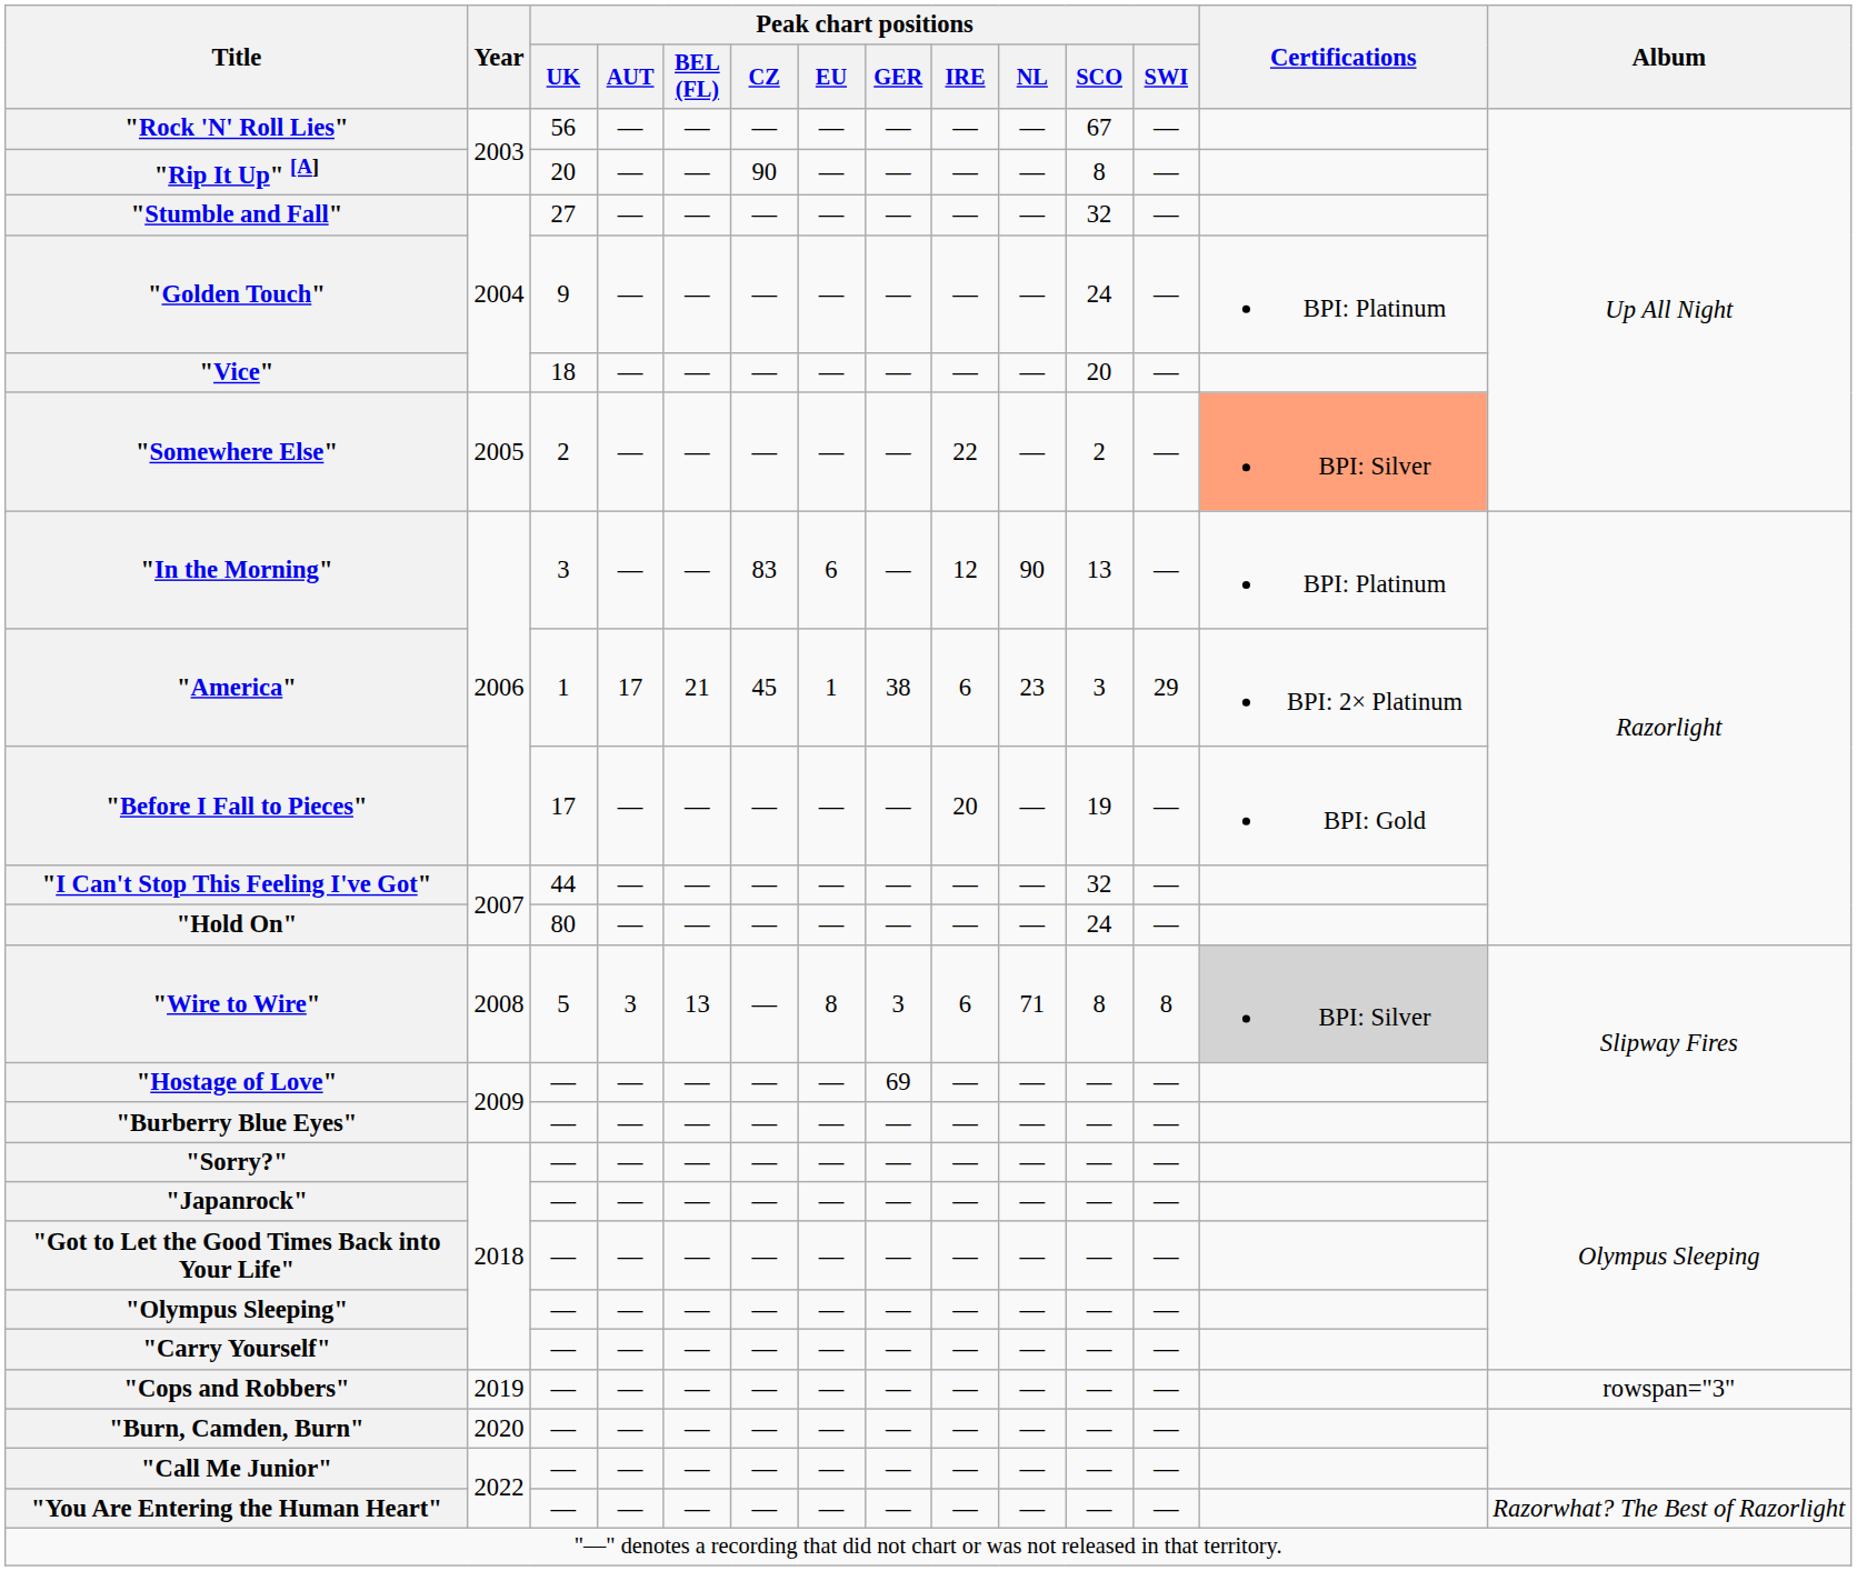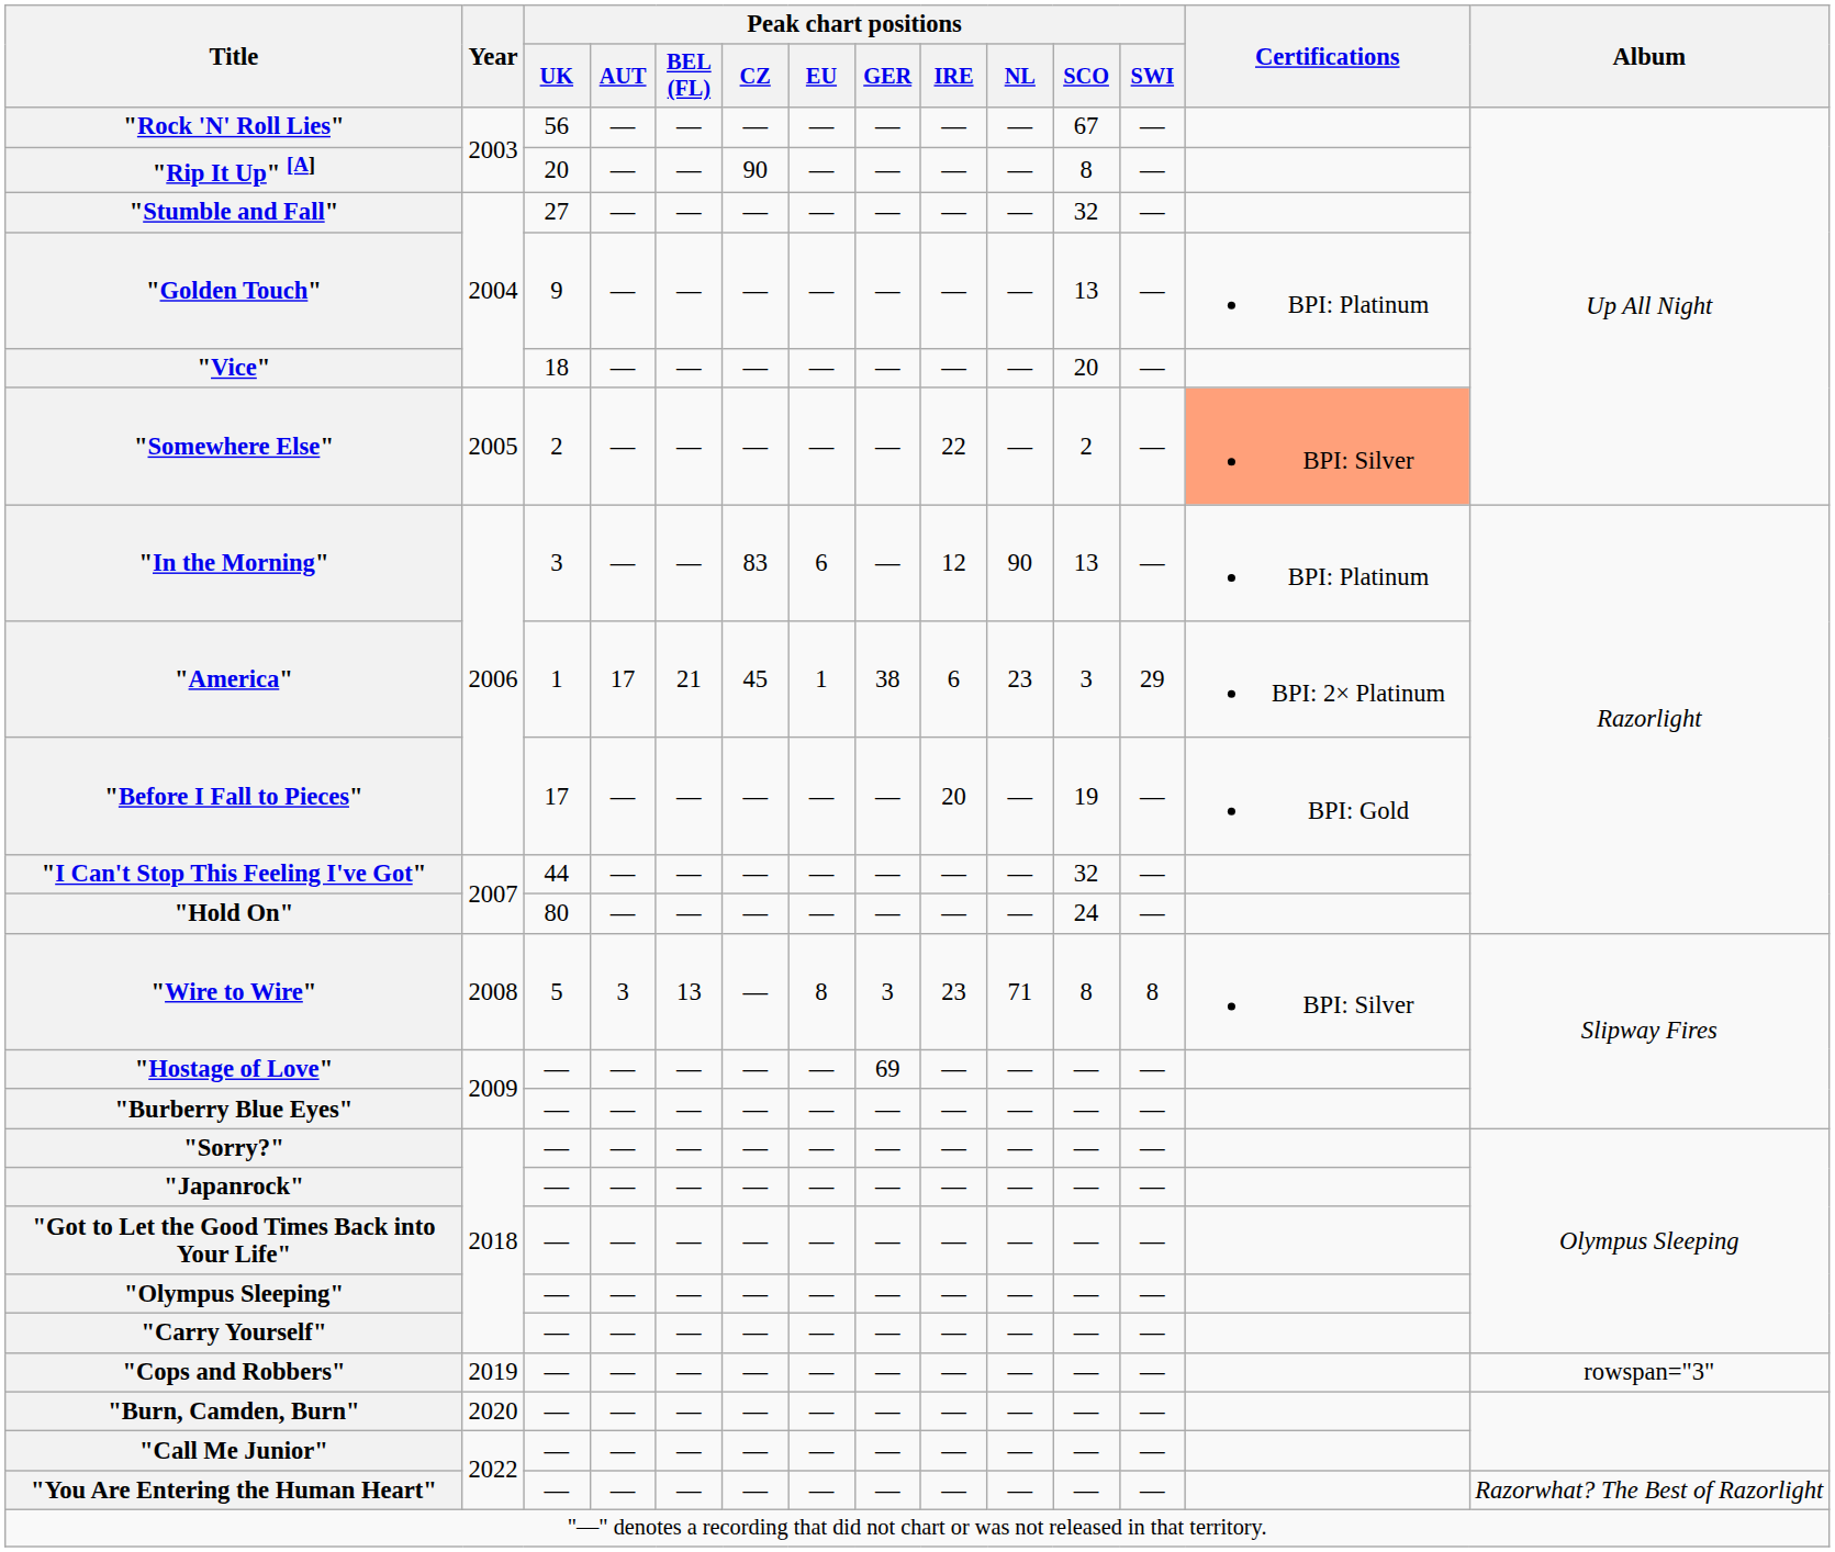 <table class="wikitable plainrowheaders" style="text-align:center;">
 <tr>
 <th scope="col" rowspan="2" style="width:18em;">Title</th>
 <th scope="col" rowspan="2">Year</th>
 <th scope="col" colspan="10">Peak chart positions</th>
 <th scope="col" rowspan="2" style="width:11em;"><a href='#'>Certifications</a></th>
 <th scope="col" rowspan="2">Album</th>
 </tr>
 <tr>
 <th scope="col" style="width:2.5em;font-size:90%;"><a href='#'>UK</a><br></th>
 <th scope="col" style="width:2.5em;font-size:90%;"><a href='#'>AUT</a><br></th>
 <th scope="col" style="width:2.5em;font-size:90%;"><a href='#'>BEL<br>(FL)</a><br></th>
 <th scope="col" style="width:2.5em;font-size:90%;"><a href='#'>CZ</a><br></th>
 <th scope="col" style="width:2.5em;font-size:90%;"><a href='#'>EU</a><br></th>
 <th scope="col" style="width:2.5em;font-size:90%;"><a href='#'>GER</a><br></th>
 <th scope="col" style="width:2.5em;font-size:90%;"><a href='#'>IRE</a><br></th>
 <th scope="col" style="width:2.5em;font-size:90%;"><a href='#'>NL</a><br></th>
 <th scope="col" style="width:2.5em;font-size:90%;"><a href='#'>SCO</a></th>
 <th scope="col" style="width:2.5em;font-size:90%;"><a href='#'>SWI</a><br></th>
 </tr>
 <tr>
 <th scope="row">"<a href='#'>Rock 'N' Roll Lies</a>"</th>
 <td rowspan="2">2003</td>
 <td align="center">56</td>
 <td align="center">—</td>
 <td align="center">—</td>
 <td align="center">—</td>
 <td align="center">—</td>
 <td align="center">—</td>
 <td align="center">—</td>
 <td align="center">—</td>
 <td align="center">67</td>
 <td align="center">—</td>
 <td></td>
 <td rowspan="6"><em>Up All Night</em></td>
 </tr>
 <tr>
 <th scope="row">"<a href='#'>Rip It Up</a>" <sup><span></span><a href='#'>[A</a>]</sup></th>
 <td align="center">20</td>
 <td align="center">—</td>
 <td align="center">—</td>
 <td align="center">90</td>
 <td align="center">—</td>
 <td align="center">—</td>
 <td align="center">—</td>
 <td align="center">—</td>
 <td align="center">8</td>
 <td align="center">—</td>
 <td></td>
 </tr>
 <tr>
 <th scope="row">"<a href='#'>Stumble and Fall</a>"</th>
 <td rowspan="3">2004</td>
 <td align="center">27</td>
 <td align="center">—</td>
 <td align="center">—</td>
 <td align="center">—</td>
 <td align="center">—</td>
 <td align="center">—</td>
 <td align="center">—</td>
 <td align="center">—</td>
 <td align="center">32</td>
 <td align="center">—</td>
 <td></td>
 </tr>
 <tr>
 <th scope="row">"<a href='#'>Golden Touch</a>"</th>
 <td align="center">9</td>
 <td align="center">—</td>
 <td align="center">—</td>
 <td align="center">—</td>
 <td align="center">—</td>
 <td align="center">—</td>
 <td align="center">—</td>
 <td align="center">—</td>
-<td align="center">24</td>
+<td align="center">13</td>
 <td align="center">—</td>
 <td><br><ul><li>BPI: Platinum</li></ul></td>
 </tr>
 <tr>
 <th scope="row">"<a href='#'>Vice</a>"</th>
 <td align="center">18</td>
 <td align="center">—</td>
 <td align="center">—</td>
 <td align="center">—</td>
 <td align="center">—</td>
 <td align="center">—</td>
 <td align="center">—</td>
 <td align="center">—</td>
 <td align="center">20</td>
 <td align="center">—</td>
 <td></td>
 </tr>
 <tr>
 <th scope="row">"<a href='#'>Somewhere Else</a>"</th>
 <td>2005</td>
 <td align="center">2</td>
 <td align="center">—</td>
 <td align="center">—</td>
 <td align="center">—</td>
 <td align="center">—</td>
 <td align="center">—</td>
 <td align="center">22</td>
 <td align="center">—</td>
 <td align="center">2</td>
 <td align="center">—</td>
 <td style="background: lightsalmon;"><br><ul><li>BPI: Silver</li></ul></td>
 </tr>
 <tr>
 <th scope="row">"<a href='#'>In the Morning</a>"</th>
 <td rowspan="3">2006</td>
 <td align="center">3</td>
 <td align="center">—</td>
 <td align="center">—</td>
 <td align="center">83</td>
 <td align="center">6</td>
 <td align="center">—</td>
 <td align="center">12</td>
 <td align="center">90</td>
 <td align="center">13</td>
 <td align="center">—</td>
 <td><br><ul><li>BPI: Platinum</li></ul></td>
 <td rowspan="5"><em>Razorlight</em></td>
 </tr>
 <tr>
 <th scope="row">"<a href='#'>America</a>"</th>
 <td align="center">1</td>
 <td align="center">17</td>
 <td align="center">21</td>
 <td align="center">45</td>
 <td align="center">1</td>
 <td align="center">38</td>
 <td align="center">6</td>
 <td align="center">23</td>
 <td align="center">3</td>
 <td align="center">29</td>
 <td><br><ul><li>BPI: 2× Platinum</li></ul></td>
 </tr>
 <tr>
 <th scope="row">"<a href='#'>Before I Fall to Pieces</a>"</th>
 <td align="center">17</td>
 <td align="center">—</td>
 <td align="center">—</td>
 <td align="center">—</td>
 <td align="center">—</td>
 <td align="center">—</td>
 <td align="center">20</td>
 <td align="center">—</td>
 <td align="center">19</td>
 <td align="center">—</td>
 <td><br><ul><li>BPI: Gold</li></ul></td>
 </tr>
 <tr>
 <th scope="row">"<a href='#'>I Can't Stop This Feeling I've Got</a>"</th>
 <td rowspan="2">2007</td>
 <td align="center">44</td>
 <td align="center">—</td>
 <td align="center">—</td>
 <td align="center">—</td>
 <td align="center">—</td>
 <td align="center">—</td>
 <td align="center">—</td>
 <td align="center">—</td>
 <td align="center">32</td>
 <td align="center">—</td>
 <td></td>
 </tr>
 <tr>
 <th scope="row">"Hold On"</th>
 <td align="center">80</td>
 <td align="center">—</td>
 <td align="center">—</td>
 <td align="center">—</td>
 <td align="center">—</td>
 <td align="center">—</td>
 <td align="center">—</td>
 <td align="center">—</td>
 <td align="center">24</td>
 <td align="center">—</td>
 <td></td>
 </tr>
 <tr>
 <th scope="row">"<a href='#'>Wire to Wire</a>"</th>
 <td>2008</td>
 <td align="center">5</td>
 <td align="center">3</td>
 <td align="center">13</td>
 <td align="center">—</td>
 <td align="center">8</td>
 <td align="center">3</td>
-<td align="center">6</td>
+<td align="center">23</td>
 <td align="center">71</td>
 <td align="center">8</td>
 <td align="center">8</td>
-<td style="background: lightgrey;"><br><ul><li>BPI: Silver</li></ul></td>
+<td><br><ul><li>BPI: Silver</li></ul></td>
 <td rowspan="3"><em>Slipway Fires</em></td>
 </tr>
 <tr>
 <th scope="row">"<a href='#'>Hostage of Love</a>"</th>
 <td rowspan="2">2009</td>
 <td>—</td>
 <td>—</td>
 <td>—</td>
 <td>—</td>
 <td>—</td>
 <td>69</td>
 <td>—</td>
 <td>—</td>
 <td>—</td>
 <td>—</td>
 <td></td>
 </tr>
 <tr>
 <th scope="row">"Burberry Blue Eyes"</th>
 <td>—</td>
 <td>—</td>
 <td>—</td>
 <td>—</td>
 <td>—</td>
 <td>—</td>
 <td>—</td>
 <td>—</td>
 <td>—</td>
 <td>—</td>
 <td></td>
 </tr>
 <tr>
 <th scope="row">"Sorry?"</th>
 <td rowspan="5">2018</td>
 <td>—</td>
 <td>—</td>
 <td>—</td>
 <td>—</td>
 <td>—</td>
 <td>—</td>
 <td>—</td>
 <td>—</td>
 <td>—</td>
 <td>—</td>
 <td></td>
 <td rowspan="5"><em>Olympus Sleeping</em></td>
 </tr>
 <tr>
 <th scope="row">"Japanrock"</th>
 <td>—</td>
 <td>—</td>
 <td>—</td>
 <td>—</td>
 <td>—</td>
 <td>—</td>
 <td>—</td>
 <td>—</td>
 <td>—</td>
 <td>—</td>
 <td></td>
 </tr>
 <tr>
 <th scope="row">"Got to Let the Good Times Back into Your Life"</th>
 <td>—</td>
 <td>—</td>
 <td>—</td>
 <td>—</td>
 <td>—</td>
 <td>—</td>
 <td>—</td>
 <td>—</td>
 <td>—</td>
 <td>—</td>
 <td></td>
 </tr>
 <tr>
 <th scope="row">"Olympus Sleeping"</th>
 <td>—</td>
 <td>—</td>
 <td>—</td>
 <td>—</td>
 <td>—</td>
 <td>—</td>
 <td>—</td>
 <td>—</td>
 <td>—</td>
 <td>—</td>
 <td></td>
 </tr>
 <tr>
 <th scope="row">"Carry Yourself"</th>
 <td>—</td>
 <td>—</td>
 <td>—</td>
 <td>—</td>
 <td>—</td>
 <td>—</td>
 <td>—</td>
 <td>—</td>
 <td>—</td>
 <td>—</td>
 <td></td>
 </tr>
 <tr>
 <th scope="row">"Cops and Robbers"</th>
 <td>2019</td>
 <td>—</td>
 <td>—</td>
 <td>—</td>
 <td>—</td>
 <td>—</td>
 <td>—</td>
 <td>—</td>
 <td>—</td>
 <td>—</td>
 <td>—</td>
 <td></td>
 <td>rowspan="3" </td>
 </tr>
 <tr>
 <th scope="row">"Burn, Camden, Burn"</th>
 <td>2020</td>
 <td>—</td>
 <td>—</td>
 <td>—</td>
 <td>—</td>
 <td>—</td>
 <td>—</td>
 <td>—</td>
 <td>—</td>
 <td>—</td>
 <td>—</td>
 <td></td>
 </tr>
 <tr>
 <th scope="row">"Call Me Junior"</th>
 <td rowspan="2">2022</td>
 <td>—</td>
 <td>—</td>
 <td>—</td>
 <td>—</td>
 <td>—</td>
 <td>—</td>
 <td>—</td>
 <td>—</td>
 <td>—</td>
 <td>—</td>
 <td></td>
 </tr>
 <tr>
 <th scope="row">"You Are Entering the Human Heart"</th>
 <td>—</td>
 <td>—</td>
 <td>—</td>
 <td>—</td>
 <td>—</td>
 <td>—</td>
 <td>—</td>
 <td>—</td>
 <td>—</td>
 <td>—</td>
 <td></td>
 <td><em>Razorwhat? The Best of Razorlight</em></td>
 </tr>
 <tr>
 <td colspan="14" style="font-size:90%">"—" denotes a recording that did not chart or was not released in that territory.</td>
 </tr>
 </table>
